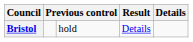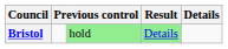 <table class="wikitable sortable" border="1">
 <tr>
 <th scope="col">Council</th>
 <th colspan=2>Previous control</th>
 <th colspan=2>Result</th>
 <th class="unsortable" scope="col">Details</th>
 </tr>
 <tr>
 <th scope="row" style="text-align: left;"><a href='#'>Bristol</a></th>
 <td></td>
-<td> hold</td>
-<td><a href='#'>Details</a></td>
+<td style="background: lightgreen;"> hold</td>
+<td style="background: lightgreen;"><a href='#'>Details</a></td>
 </tr>
 </table>
